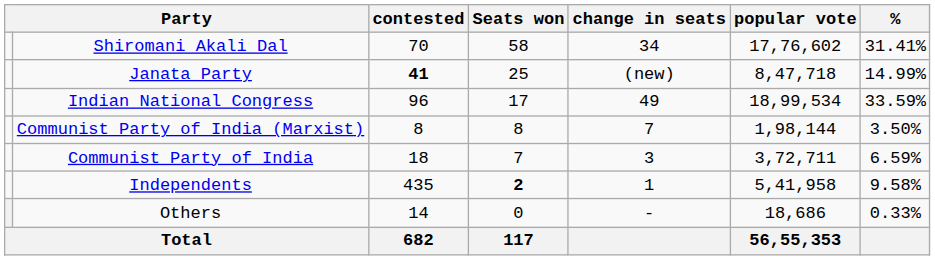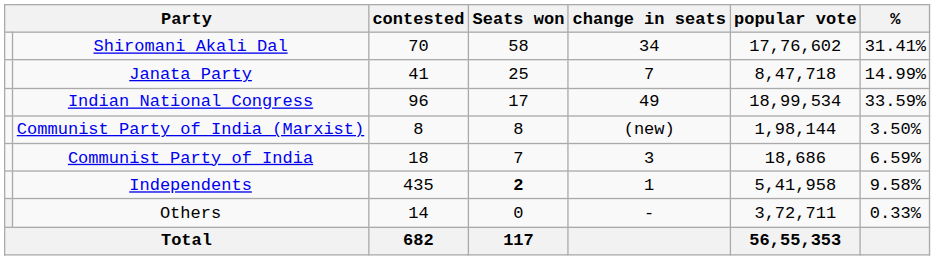 <table class=wikitable style=text-align:center>
 <tr>
 <th colspan=2>Party</th>
 <th>contested</th>
 <th>Seats won</th>
 <th>change in seats</th>
 <th>popular vote</th>
 <th>%</th>
 </tr>
 <tr>
 <td></td>
 <td><a href='#'>Shiromani Akali Dal</a></td>
 <td>70</td>
 <td>58</td>
 <td> 34</td>
 <td>17,76,602</td>
 <td>31.41%</td>
 </tr>
 <tr>
 <td></td>
 <td><a href='#'>Janata Party</a></td>
-<td><strong>41</strong></td>
+<td>41</td>
 <td>25</td>
-<td>(new)</td>
+<td> 7</td>
 <td>8,47,718</td>
 <td>14.99%</td>
 </tr>
 <tr>
 <td></td>
 <td><a href='#'>Indian National Congress</a></td>
 <td>96</td>
 <td>17</td>
 <td> 49</td>
 <td>18,99,534</td>
 <td>33.59%</td>
 </tr>
 <tr>
 <td></td>
 <td><a href='#'>Communist Party of India (Marxist)</a></td>
 <td>8</td>
 <td>8</td>
-<td> 7</td>
+<td>(new)</td>
 <td>1,98,144</td>
 <td>3.50%</td>
 </tr>
 <tr>
 <td></td>
 <td><a href='#'>Communist Party of India</a></td>
 <td>18</td>
 <td>7</td>
 <td> 3</td>
-<td>3,72,711</td>
+<td>18,686</td>
 <td>6.59%</td>
 </tr>
 <tr>
 <td></td>
 <td><a href='#'>Independents</a></td>
 <td>435</td>
 <td><strong>2</strong></td>
 <td> 1</td>
 <td>5,41,958</td>
 <td>9.58%</td>
 </tr>
 <tr>
 <th></th>
 <td>Others</td>
 <td>14</td>
 <td>0</td>
 <td>-</td>
-<td>18,686</td>
+<td>3,72,711</td>
 <td>0.33%</td>
 </tr>
 <tr>
 <th colspan=2>Total</th>
 <th>682</th>
 <th>117</th>
 <th></th>
 <th>56,55,353</th>
 <th></th>
 </tr>
 </table>
